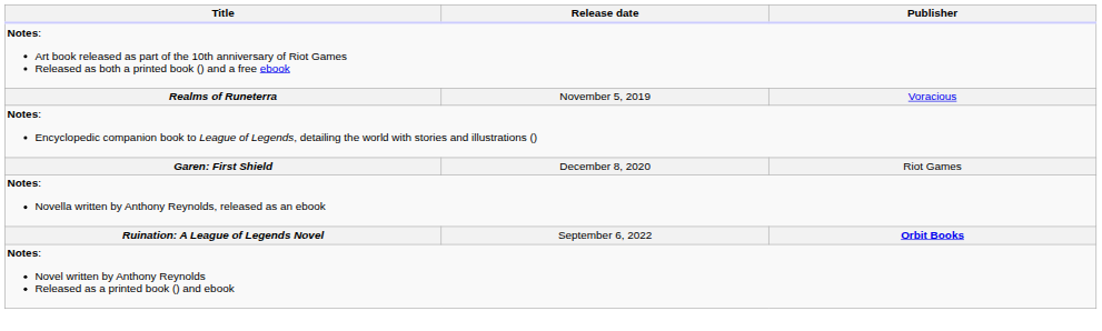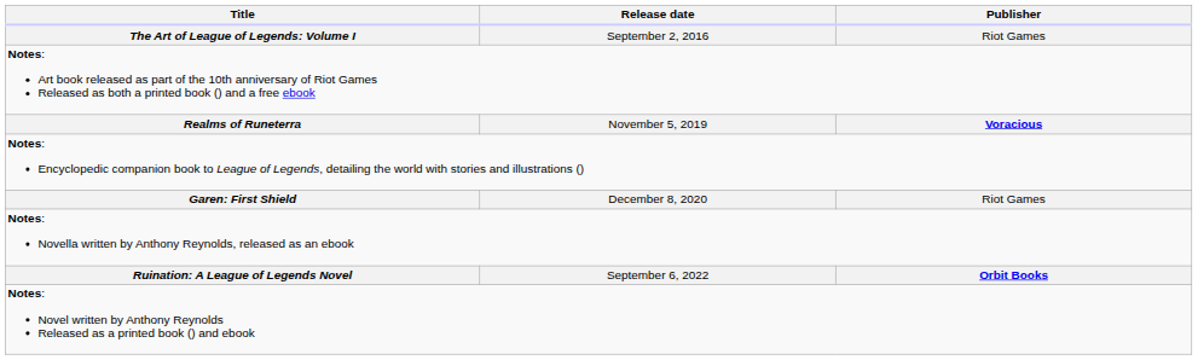 <table class="wikitable plainrowheaders" style="width:100%; text-align:center;">
 <tr style="border-bottom: solid #ccf 3px">
 <th scope="col" style="width:40%">Title</th>
 <th scope="col" style="width:30%">Release date</th>
 <th scope="col" style="width:30%">Publisher</th>
+</tr>
+<tr style="background-color:#f2f2f2">
+<th scope="row" style="text-align:center"><em>The Art of League of Legends: Volume I</em></th>
+<td>September 2, 2016</td>
+<td>Riot Games</td>
 </tr>
 <tr>
 <td colspan="3" style="text-align:left"><strong>Notes</strong>:<br><ul><li>Art book released as part of the 10th anniversary of Riot Games</li><li>Released as both a printed book () and a free <a href='#'>ebook</a></li></ul></td>
 </tr>
 <tr style="background-color:#f2f2f2">
 <th scope="row" style="text-align:center"><em>Realms of Runeterra</em></th>
 <td>November 5, 2019</td>
-<td><a href='#'>Voracious</a></td>
+<td><strong><a href='#'>Voracious</a></strong></td>
 </tr>
 <tr>
 <td colspan="3" style="text-align:left;"><strong>Notes</strong>:<br><ul><li>Encyclopedic companion book to <em>League of Legends</em>, detailing the world with stories and illustrations ()</li></ul></td>
 </tr>
 <tr style="background-color:#f2f2f2">
 <th scope="row" style="text-align:center"><em>Garen: First Shield</em></th>
 <td>December 8, 2020</td>
 <td>Riot Games</td>
 </tr>
 <tr>
 <td colspan="3" style="text-align:left"><strong>Notes</strong>:<br><ul><li>Novella written by Anthony Reynolds, released as an ebook</li></ul></td>
 </tr>
 <tr style="background-color:#f2f2f2">
 <th scope="row" style="text-align:center"><em>Ruination: A League of Legends Novel</em></th>
 <td>September 6, 2022</td>
 <td><strong><a href='#'>Orbit Books</a></strong></td>
 </tr>
 <tr>
 <td colspan="3" style="text-align:left"><strong>Notes</strong>:<br><ul><li>Novel written by Anthony Reynolds</li><li>Released as a printed book () and ebook</li></ul></td>
 </tr>
 </table>
